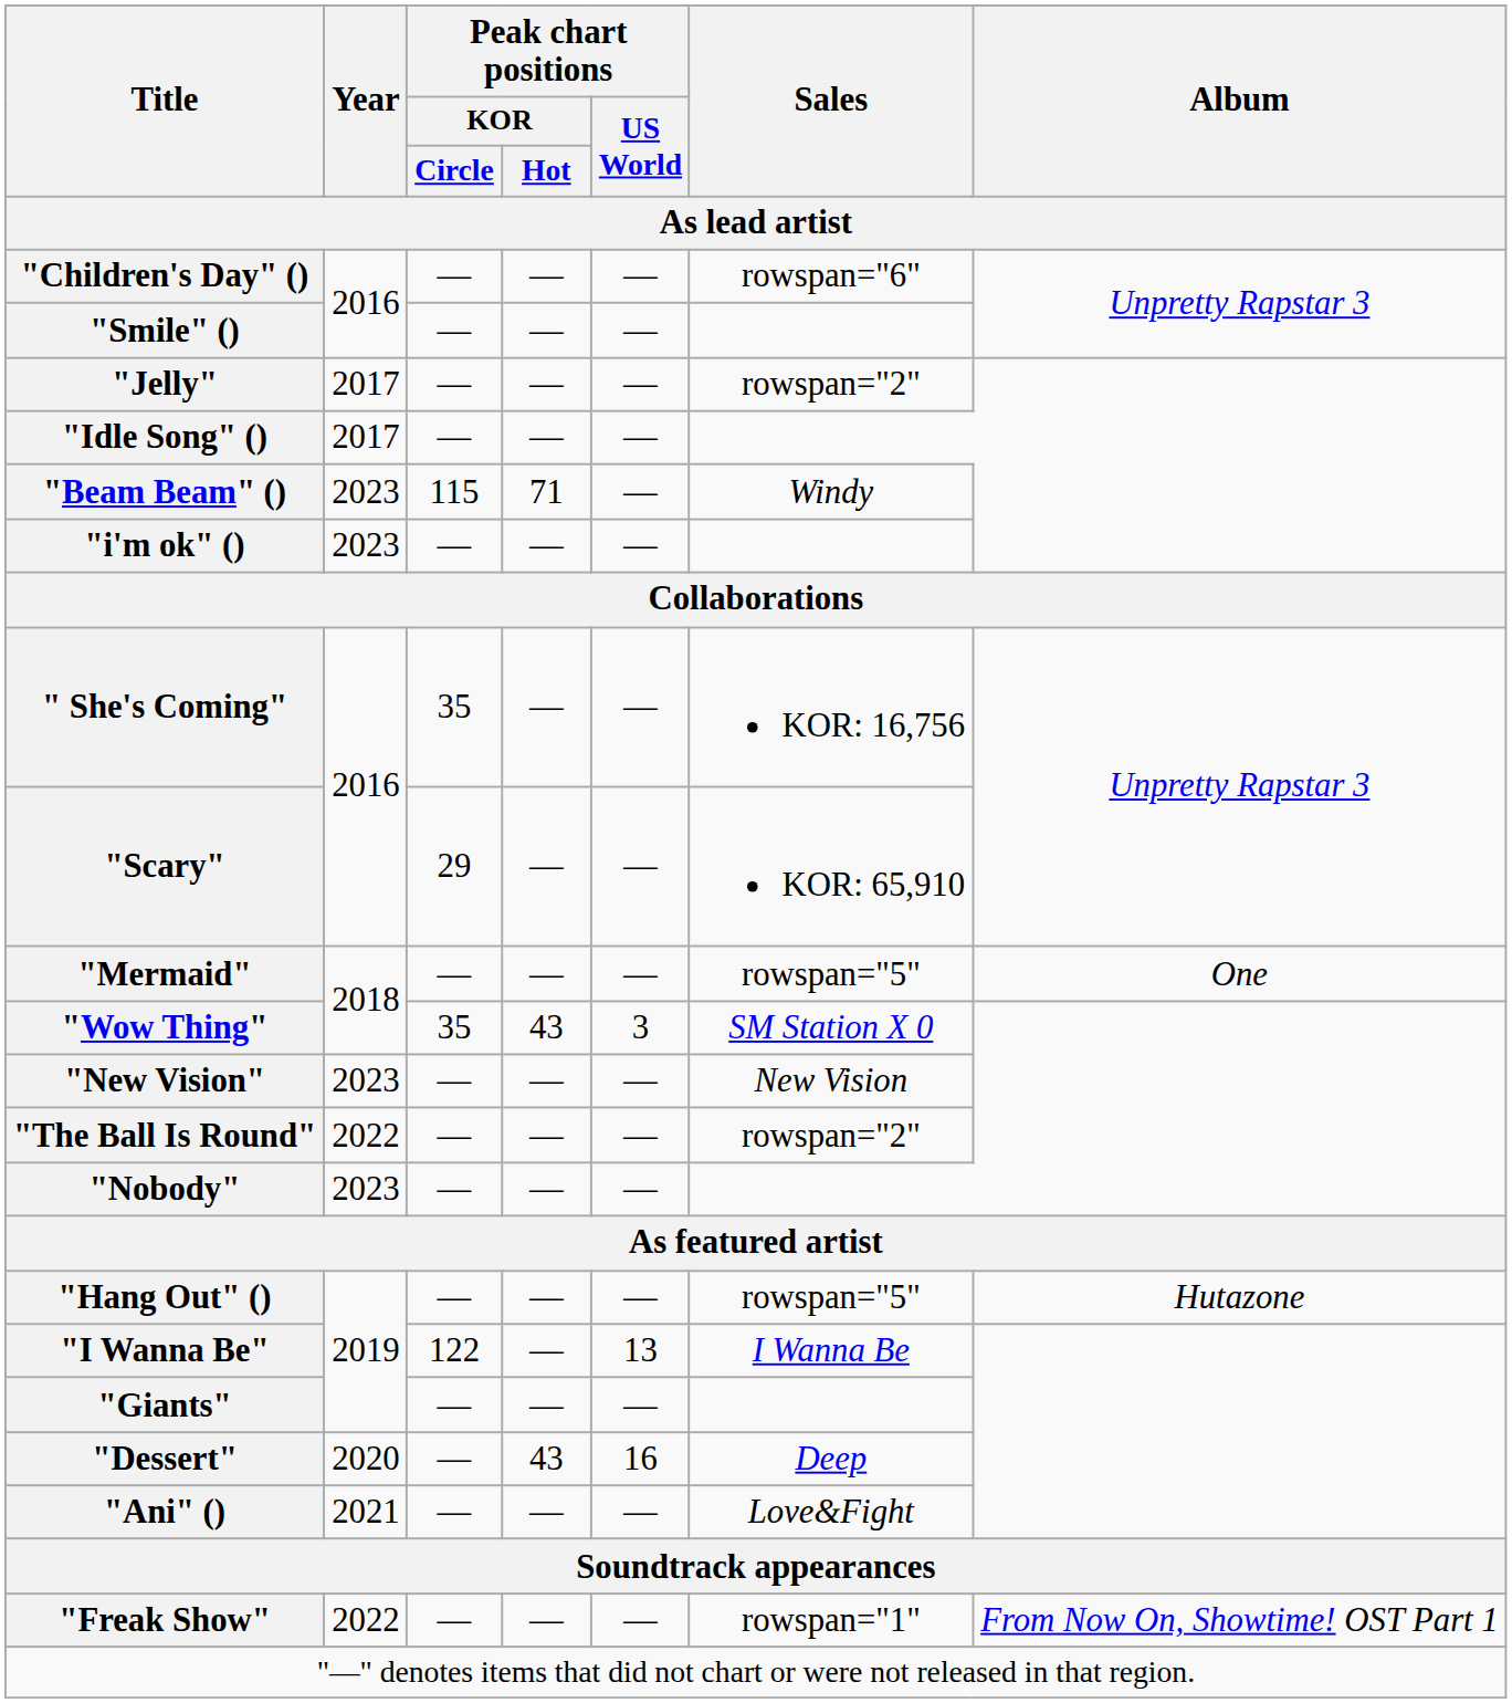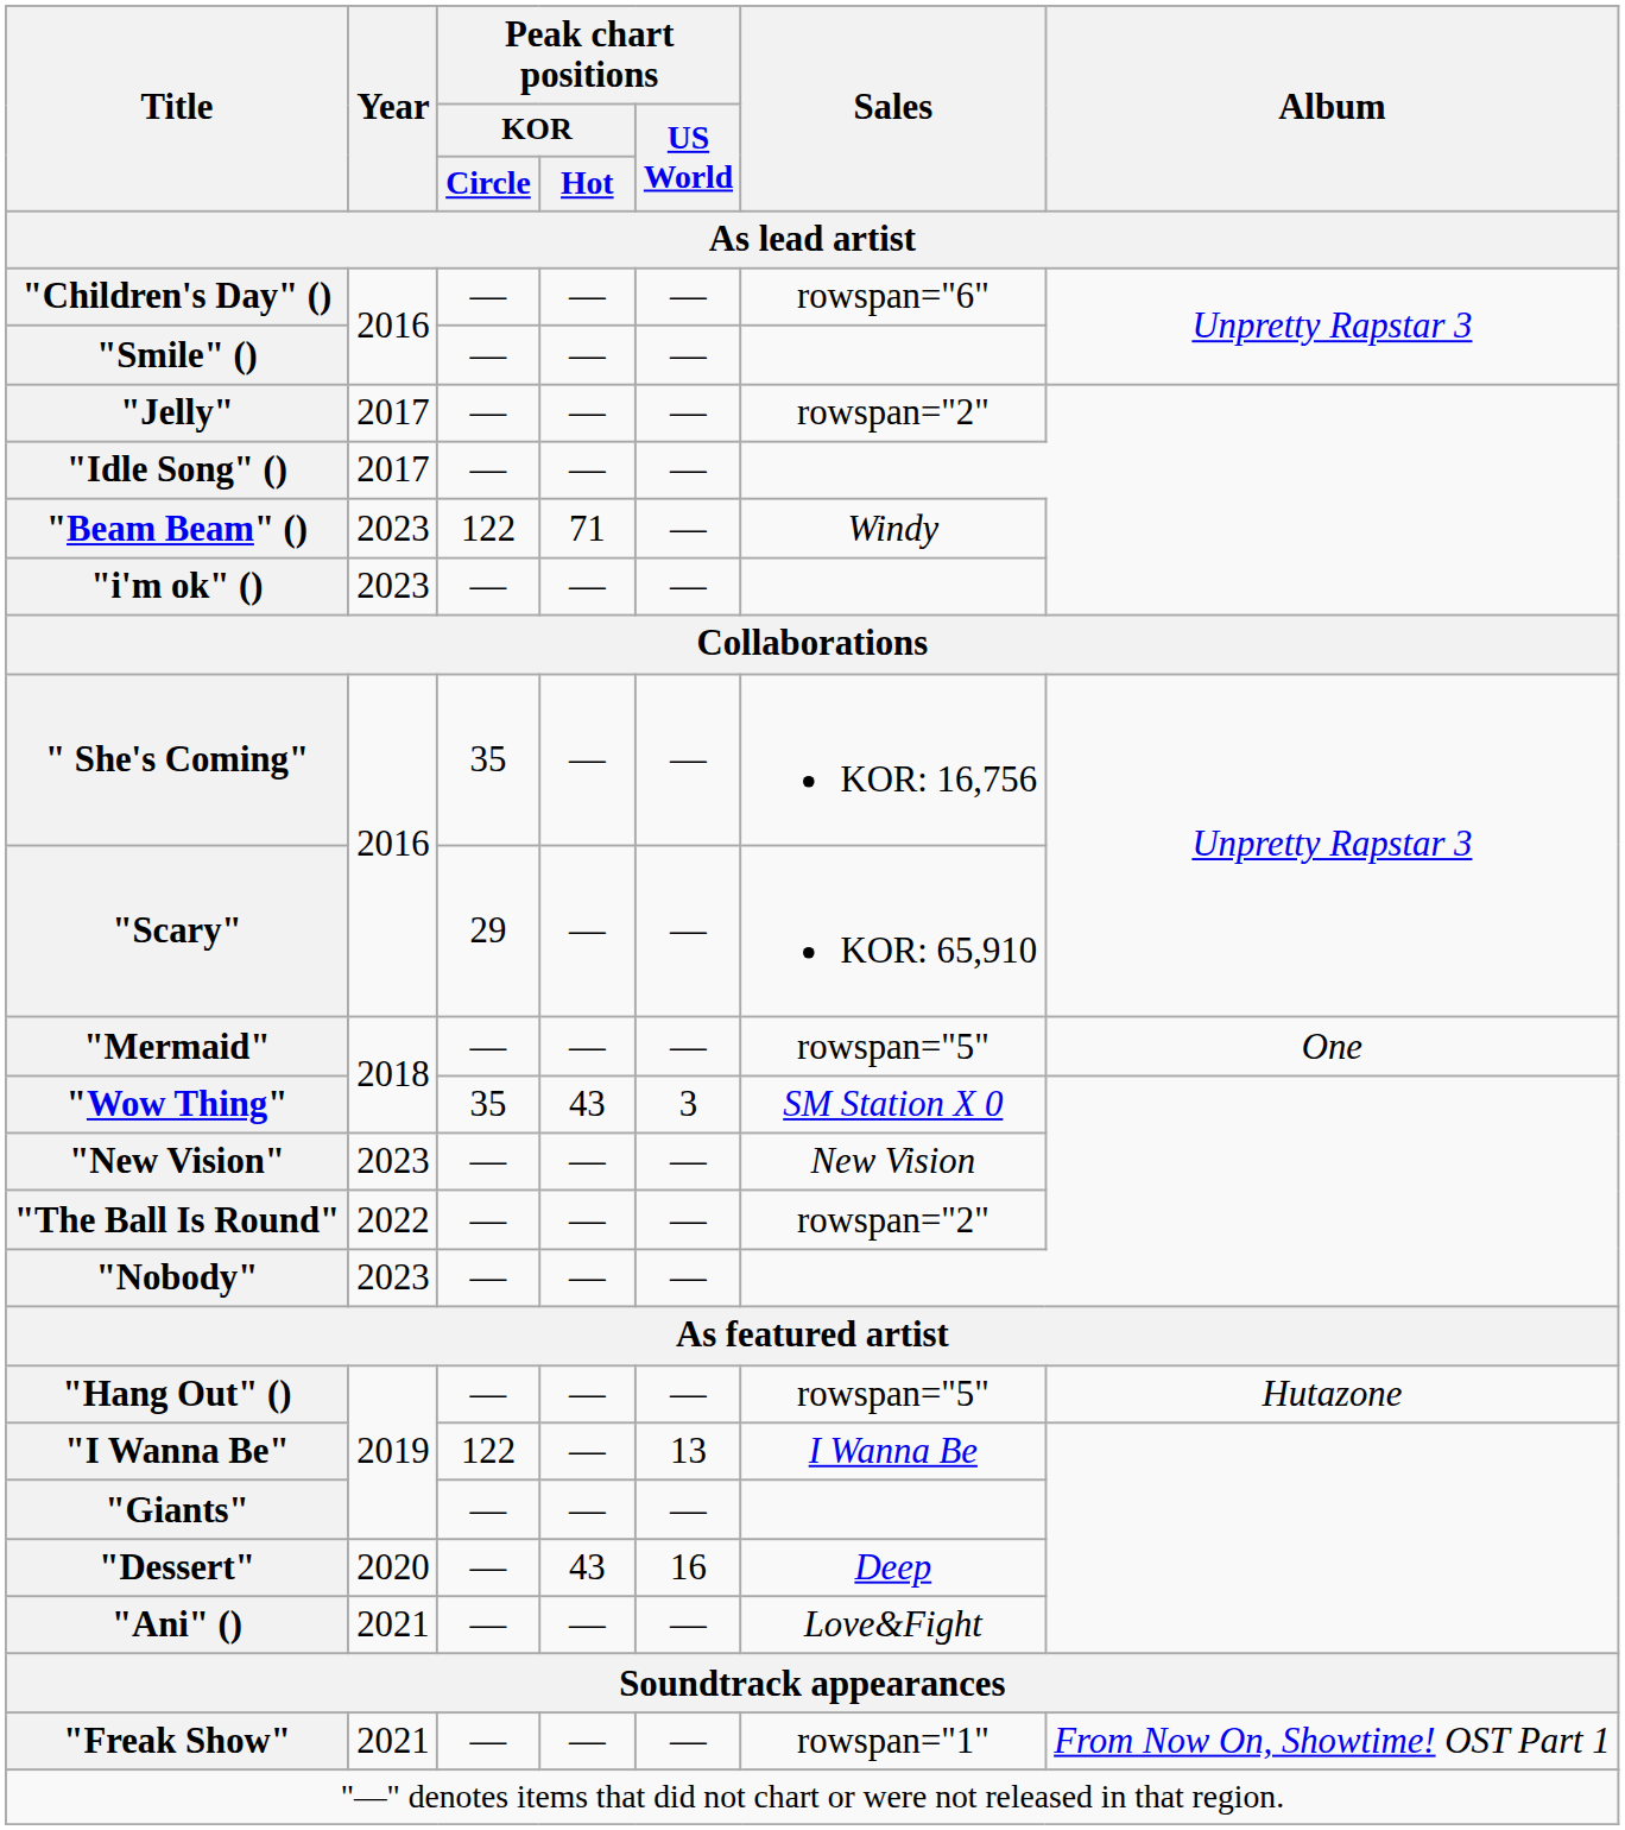 <table class="wikitable plainrowheaders" style="text-align:center">
 <tr>
 <th scope="col" rowspan="3">Title</th>
 <th scope="col" rowspan="3">Year</th>
 <th scope="col" colspan="3">Peak chart positions</th>
 <th scope="col" rowspan="3">Sales</th>
 <th scope="col" rowspan="3">Album</th>
 </tr>
 <tr>
 <th scope="col" colspan="2" style="width:2.5em;font-size:85%">KOR</th>
 <th scope="col" rowspan="2" style="font-size:90%; width:2.5em"><a href='#'>US World</a><br></th>
 </tr>
 <tr>
 <th scope="col" style="font-size:90%; width:2.5em"><a href='#'>Circle</a><br></th>
 <th scope="col" style="font-size:90%; width:2.5em"><a href='#'>Hot</a><br></th>
 </tr>
 <tr>
 <th colspan="7">As lead artist</th>
 </tr>
 <tr>
 <th scope="row">"Children's Day" ()<br></th>
 <td rowspan="2">2016</td>
 <td>—</td>
 <td>—</td>
 <td>—</td>
 <td>rowspan="6" </td>
 <td rowspan="2"><em><a href='#'>Unpretty Rapstar 3</a></em></td>
 </tr>
 <tr>
 <th scope="row">"Smile" ()<br></th>
 <td>—</td>
 <td>—</td>
 <td>—</td>
 </tr>
 <tr>
 <th scope="row">"Jelly"</th>
 <td>2017</td>
 <td>—</td>
 <td>—</td>
 <td>—</td>
 <td>rowspan="2" </td>
 </tr>
 <tr>
 <th scope="row">"Idle Song" ()</th>
 <td>2017</td>
 <td>—</td>
 <td>—</td>
 <td>—</td>
 </tr>
 <tr>
 <th scope="row">"<a href='#'>Beam Beam</a>" ()</th>
 <td>2023</td>
-<td>115</td>
+<td>122</td>
 <td>71</td>
 <td>—</td>
 <td><em>Windy</em></td>
 </tr>
 <tr>
 <th scope="row">"i'm ok" ()</th>
 <td>2023</td>
 <td>—</td>
 <td>—</td>
 <td>—</td>
 <td></td>
 </tr>
 <tr>
 <th colspan="7">Collaborations</th>
 </tr>
 <tr>
 <th scope="row">" She's Coming"<br></th>
 <td rowspan="2">2016</td>
 <td>35</td>
 <td>—</td>
 <td>—</td>
 <td><br><ul><li>KOR: 16,756</li></ul></td>
 <td rowspan="2"><em><a href='#'>Unpretty Rapstar 3</a></em></td>
 </tr>
 <tr>
 <th scope="row">"Scary"<br></th>
 <td>29</td>
 <td>—</td>
 <td>—</td>
 <td><br><ul><li>KOR: 65,910</li></ul></td>
 </tr>
 <tr>
 <th scope="row">"Mermaid"<br></th>
 <td rowspan="2">2018</td>
 <td>—</td>
 <td>—</td>
 <td>—</td>
 <td>rowspan="5" </td>
 <td><em>One</em></td>
 </tr>
 <tr>
 <th scope="row">"<a href='#'>Wow Thing</a>"<br></th>
 <td>35</td>
 <td>43</td>
 <td>3</td>
 <td><em><a href='#'>SM Station X 0</a></em></td>
 </tr>
 <tr>
 <th - scope="row">"New Vision"<br></th>
 <td>2023</td>
 <td>—</td>
 <td>—</td>
 <td>—</td>
 <td><em>New Vision</em></td>
 </tr>
 <tr>
 <th scope="row">"The Ball Is Round"<br></th>
 <td>2022</td>
 <td>—</td>
 <td>—</td>
 <td>—</td>
 <td>rowspan="2" </td>
 </tr>
 <tr>
 <th scope="row">"Nobody"<br></th>
 <td>2023</td>
 <td>—</td>
 <td>—</td>
 <td>—</td>
 </tr>
 <tr>
 <th colspan="7">As featured artist</th>
 </tr>
 <tr>
 <th scope="row">"Hang Out" ()<br></th>
 <td rowspan="3">2019</td>
 <td>—</td>
 <td>—</td>
 <td>—</td>
 <td>rowspan="5" </td>
 <td><em>Hutazone</em></td>
 </tr>
 <tr>
 <th scope="row">"I Wanna Be"<br></th>
 <td>122</td>
 <td>—</td>
 <td>13</td>
 <td><em><a href='#'>I Wanna Be</a></em></td>
 </tr>
 <tr>
 <th scope="row">"Giants"<br></th>
 <td>—</td>
 <td>—</td>
 <td>—</td>
 <td></td>
 </tr>
 <tr>
 <th scope="row">"Dessert"<br></th>
 <td>2020</td>
 <td>—</td>
 <td>43</td>
 <td>16</td>
 <td><em><a href='#'>Deep</a></em></td>
 </tr>
 <tr>
 <th scope="row">"Ani" ()<br></th>
 <td>2021</td>
 <td>—</td>
 <td>—</td>
 <td>—</td>
 <td><em>Love&Fight</em></td>
 </tr>
 <tr>
 <th colspan="7">Soundtrack appearances</th>
 </tr>
 <tr>
 <th scope="row">"Freak Show"</th>
-<td>2022</td>
+<td>2021</td>
 <td>—</td>
 <td>—</td>
 <td>—</td>
 <td>rowspan="1" </td>
 <td><em><a href='#'>From Now On, Showtime!</a> OST Part 1</em></td>
 </tr>
 <tr>
 <td colspan="8" style="text-align:center; font-size:90%">"—" denotes items that did not chart or were not released in that region.</td>
 </tr>
 </table>
